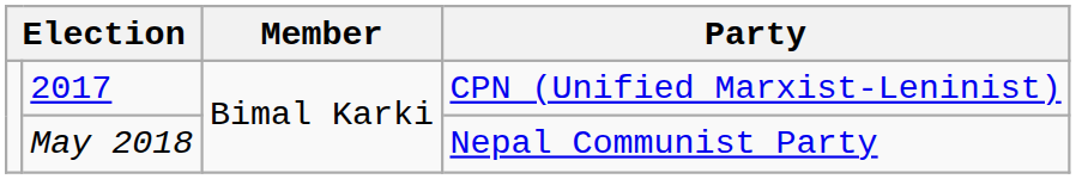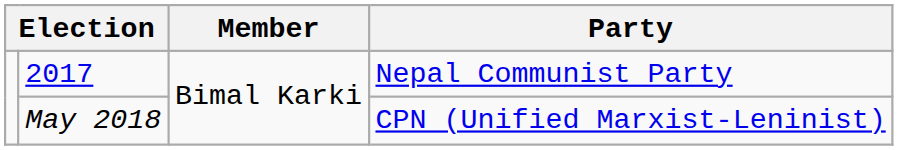 <table class="wikitable">
 <tr>
 <th colspan="2">Election</th>
 <th>Member</th>
 <th>Party</th>
 </tr>
 <tr>
 <td rowspan="2" style="background-color:"></td>
 <td><a href='#'>2017</a></td>
 <td rowspan="2">Bimal Karki</td>
-<td><a href='#'>CPN (Unified Marxist-Leninist)</a></td>
+<td><a href='#'>Nepal Communist Party</a></td>
 </tr>
 <tr>
 <td><em>May 2018</em></td>
-<td><a href='#'>Nepal Communist Party</a></td>
+<td><a href='#'>CPN (Unified Marxist-Leninist)</a></td>
 </tr>
 </table>
